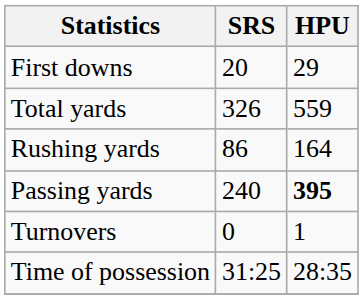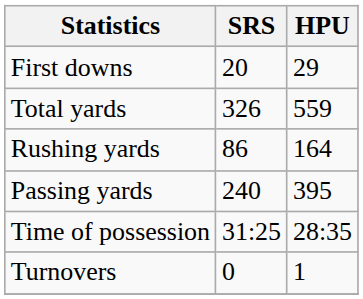 <table class="wikitable" style="float: left;">
 <tr>
 <th>Statistics</th>
 <th>SRS</th>
 <th>HPU</th>
 </tr>
 <tr>
 <td>First downs</td>
 <td>20</td>
 <td>29</td>
 </tr>
 <tr>
 <td>Total yards</td>
 <td>326</td>
 <td>559</td>
 </tr>
 <tr>
 <td>Rushing yards</td>
 <td>86</td>
 <td>164</td>
 </tr>
 <tr>
 <td>Passing yards</td>
 <td>240</td>
-<td><strong>395</strong></td>
+<td>395</td>
+</tr>
+<tr>
+<td>Time of possession</td>
+<td>31:25</td>
+<td>28:35</td>
 </tr>
 <tr>
 <td>Turnovers</td>
 <td>0</td>
 <td>1</td>
 </tr>
 <tr>
-<td>Time of possession</td>
-<td>31:25</td>
-<td>28:35</td>
-</tr>
-<tr>
 </tr>
 </table>
